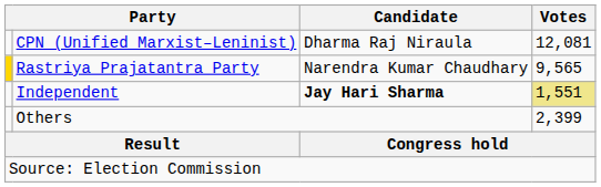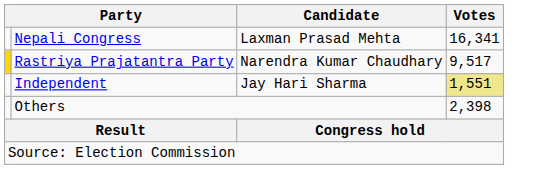 <table class="wikitable">
 <tr>
 <th colspan="2">Party</th>
 <th>Candidate</th>
 <th>Votes</th>
 </tr>
 <tr>
 <td style="background-color:"></td>
-<td><a href='#'>CPN (Unified Marxist–Leninist)</a></td>
-<td>Dharma Raj Niraula</td>
-<td>12,081</td>
+<td><a href='#'>Nepali Congress</a></td>
+<td>Laxman Prasad Mehta</td>
+<td>16,341</td>
 </tr>
 <tr>
 <td style="background-color:gold"></td>
 <td><a href='#'>Rastriya Prajatantra Party</a></td>
 <td>Narendra Kumar Chaudhary</td>
-<td>9,565</td>
+<td>9,517</td>
 </tr>
 <tr>
 <td style="background-color:"></td>
 <td><a href='#'>Independent</a></td>
-<td><strong>Jay Hari Sharma</strong></td>
+<td>Jay Hari Sharma</td>
 <td style="background: khaki;">1,551</td>
 </tr>
 <tr>
 <td></td>
 <td colspan="2">Others</td>
-<td>2,399</td>
+<td>2,398</td>
 </tr>
 <tr>
 <th colspan="2">Result</th>
 <th colspan="2">Congress hold</th>
 </tr>
 <tr>
 <td colspan="4">Source: Election Commission</td>
 </tr>
 </table>
